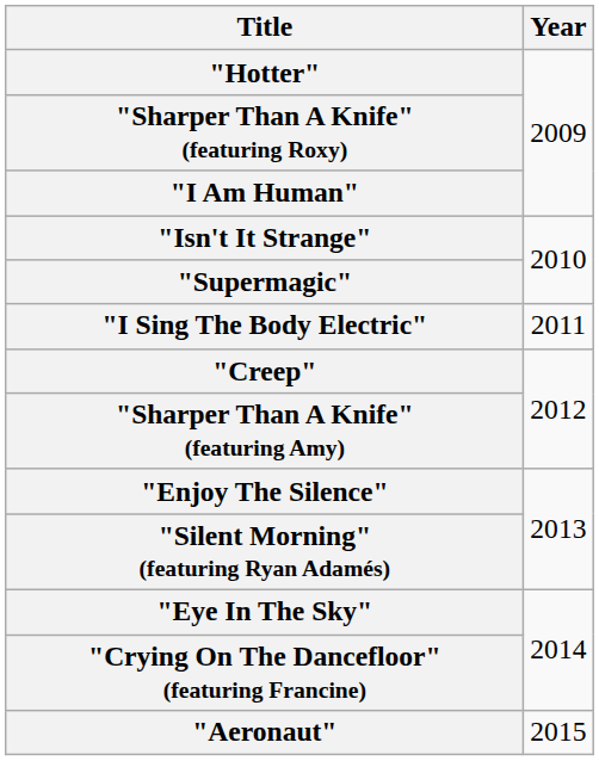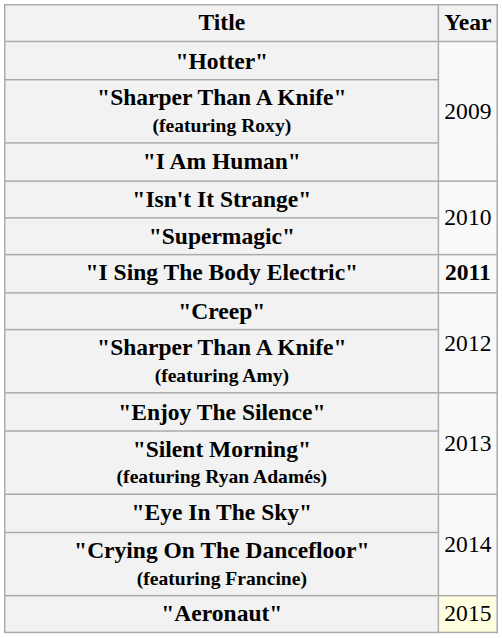 <table class="wikitable plainrowheaders" style="text-align:center;">
 <tr>
 <th scope="col" style="width:18em;">Title</th>
 <th scope="col">Year</th>
 </tr>
 <tr>
 <th scope="row">"Hotter"</th>
 <td rowspan="3">2009</td>
 </tr>
 <tr>
 <th scope="row">"Sharper Than A Knife"<br><small>(featuring Roxy)</small></th>
 </tr>
 <tr>
 <th scope="row">"I Am Human"</th>
 </tr>
 <tr>
 <th scope="row">"Isn't It Strange"</th>
 <td rowspan="2">2010</td>
 </tr>
 <tr>
 <th scope="row">"Supermagic"</th>
 </tr>
 <tr>
 <th scope="row">"I Sing The Body Electric"</th>
-<td>2011</td>
+<td><strong>2011</strong></td>
 </tr>
 <tr>
 <th scope="row">"Creep"</th>
 <td rowspan="2">2012</td>
 </tr>
 <tr>
 <th scope="row">"Sharper Than A Knife"<br><small>(featuring Amy)</small></th>
 </tr>
 <tr>
 <th scope="row">"Enjoy The Silence"</th>
 <td rowspan="2">2013</td>
 </tr>
 <tr>
 <th scope="row">"Silent Morning" <br><small>(featuring Ryan Adamés)</small></th>
 </tr>
 <tr>
 <th scope="row">"Eye In The Sky"</th>
 <td rowspan="2">2014</td>
 </tr>
 <tr>
 <th scope="row">"Crying On The Dancefloor" <br><small>(featuring Francine)</small></th>
 </tr>
 <tr>
 <th scope="row">"Aeronaut"</th>
-<td>2015</td>
+<td style="background: lightyellow;">2015</td>
 </tr>
 </table>
